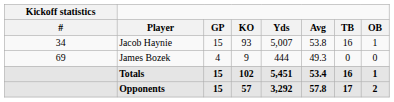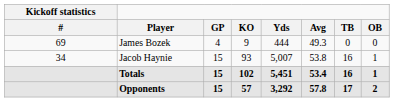 <table style="text-align:center; width:50%;" class="wikitable collapsible collapsed">
 <tr>
 <th style="text-align:center; ">Kickoff statistics</th>
 </tr>
 <tr>
 <th>#</th>
 <th>Player</th>
 <th>GP</th>
 <th>KO</th>
 <th>Yds</th>
 <th>Avg</th>
 <th>TB</th>
 <th>OB</th>
 </tr>
 <tr>
+<td>69</td>
+<td align="left">James Bozek</td>
+<td>4</td>
+<td>9</td>
+<td>444</td>
+<td>49.3</td>
+<td>0</td>
+<td>0</td>
+</tr>
+<tr>
 <td>34</td>
 <td align="left">Jacob Haynie</td>
 <td>15</td>
 <td>93</td>
 <td>5,007</td>
 <td>53.8</td>
 <td>16</td>
 <td>1</td>
-</tr>
-<tr>
-<td>69</td>
-<td align="left">James Bozek</td>
-<td>4</td>
-<td>9</td>
-<td>444</td>
-<td>49.3</td>
-<td>0</td>
-<td>0</td>
 </tr>
 <tr style="background:#e5e5e5;">
 <td></td>
 <td align="left"><strong>Totals</strong></td>
 <td><strong>15</strong></td>
 <td><strong>102</strong></td>
 <td><strong>5,451</strong></td>
 <td><strong>53.4</strong></td>
 <td><strong>16</strong></td>
 <td><strong>1</strong></td>
 </tr>
 <tr style="background:#e5e5e5;">
 <td></td>
 <td align="left"><strong>Opponents</strong></td>
 <td><strong>15</strong></td>
 <td><strong>57</strong></td>
 <td><strong>3,292</strong></td>
 <td><strong>57.8</strong></td>
 <td><strong>17</strong></td>
 <td><strong>2</strong></td>
 </tr>
 </table>
